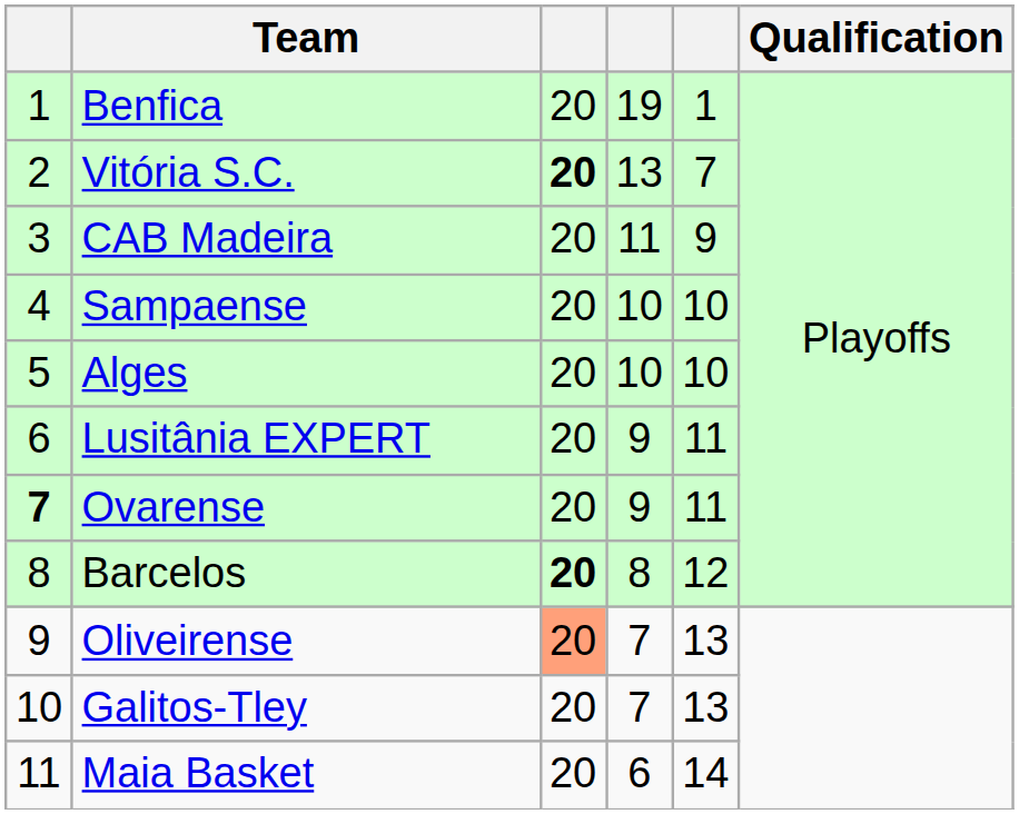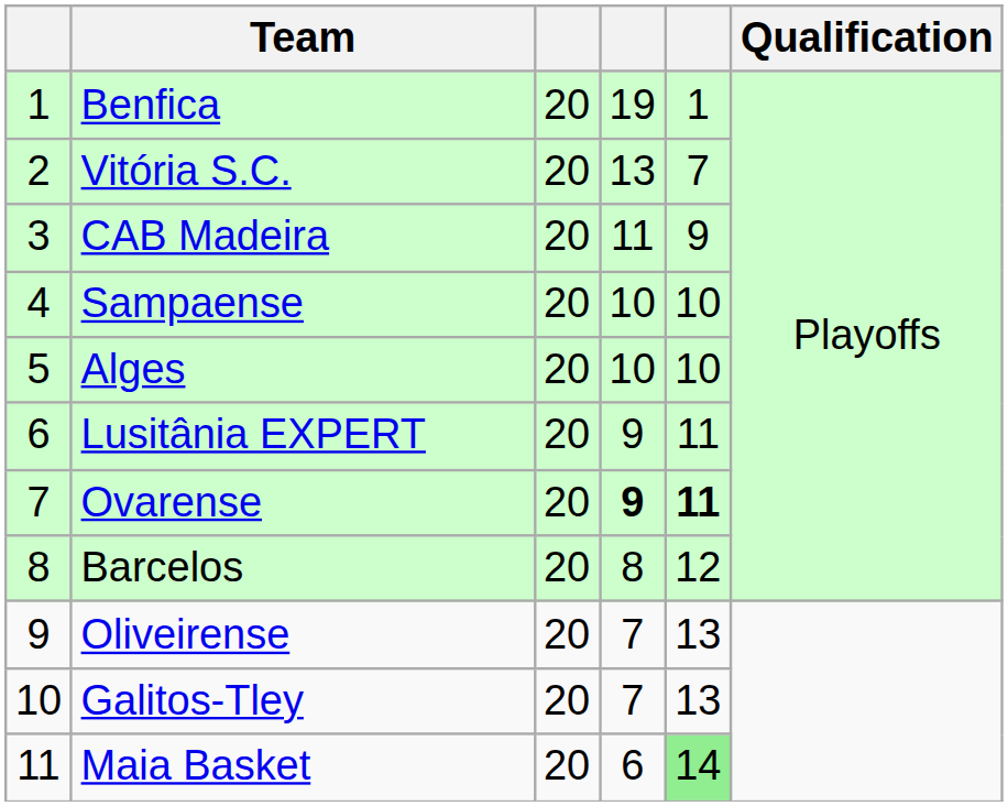 <table class="wikitable sortable" style="text-align:center;">
 <tr>
 <th></th>
 <th width=170>Team</th>
 <th></th>
 <th></th>
 <th></th>
 <th>Qualification</th>
 </tr>
 <tr style="background:#cfc;">
 <td>1</td>
 <td align=left><a href='#'>Benfica</a></td>
 <td>20</td>
 <td>19</td>
 <td>1</td>
 <td rowspan=8>Playoffs</td>
 </tr>
 <tr style="background:#cfc;">
 <td>2</td>
 <td align=left><a href='#'>Vitória S.C.</a></td>
-<td><strong>20</strong></td>
+<td>20</td>
 <td>13</td>
 <td>7</td>
 </tr>
 <tr style="background:#cfc;">
 <td>3</td>
 <td align=left><a href='#'>CAB Madeira</a></td>
 <td>20</td>
 <td>11</td>
 <td>9</td>
 </tr>
 <tr style="background:#cfc;">
 <td>4</td>
 <td align=left><a href='#'>Sampaense</a></td>
 <td>20</td>
 <td>10</td>
 <td>10</td>
 </tr>
 <tr style="background:#cfc;">
 <td>5</td>
 <td align=left><a href='#'>Alges</a></td>
 <td>20</td>
 <td>10</td>
 <td>10</td>
 </tr>
 <tr style="background:#cfc;">
 <td>6</td>
 <td align=left><a href='#'>Lusitânia EXPERT</a></td>
 <td>20</td>
 <td>9</td>
 <td>11</td>
 </tr>
 <tr style="background:#cfc;">
-<td><strong>7</strong></td>
+<td>7</td>
 <td align=left><a href='#'>Ovarense</a></td>
 <td>20</td>
-<td>9</td>
-<td>11</td>
+<td><strong>9</strong></td>
+<td><strong>11</strong></td>
 </tr>
 <tr style="background:#cfc;">
 <td>8</td>
 <td align=left>Barcelos</td>
-<td><strong>20</strong></td>
+<td>20</td>
 <td>8</td>
 <td>12</td>
 </tr>
 <tr>
 <td>9</td>
 <td align=left><a href='#'>Oliveirense</a></td>
-<td style="background: lightsalmon;">20</td>
+<td>20</td>
 <td>7</td>
 <td>13</td>
 </tr>
 <tr>
 <td>10</td>
 <td align=left><a href='#'>Galitos-Tley</a></td>
 <td>20</td>
 <td>7</td>
 <td>13</td>
 </tr>
 <tr>
 <td>11</td>
 <td align=left><a href='#'>Maia Basket</a></td>
 <td>20</td>
 <td>6</td>
-<td>14</td>
+<td style="background: lightgreen;">14</td>
 </tr>
 </table>
